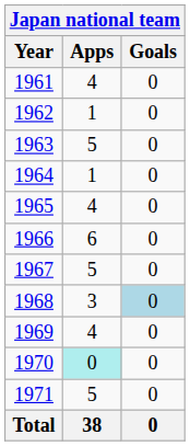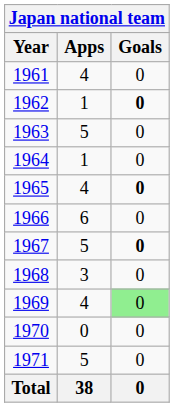 <table class="wikitable" style="text-align:center">
 <tr>
 <th colspan=3><a href='#'>Japan national team</a></th>
 </tr>
 <tr>
 <th>Year</th>
 <th>Apps</th>
 <th>Goals</th>
 </tr>
 <tr>
 <td><a href='#'>1961</a></td>
 <td>4</td>
 <td>0</td>
 </tr>
 <tr>
 <td><a href='#'>1962</a></td>
 <td>1</td>
-<td>0</td>
+<td><strong>0</strong></td>
 </tr>
 <tr>
 <td><a href='#'>1963</a></td>
 <td>5</td>
 <td>0</td>
 </tr>
 <tr>
 <td><a href='#'>1964</a></td>
 <td>1</td>
 <td>0</td>
 </tr>
 <tr>
 <td><a href='#'>1965</a></td>
 <td>4</td>
-<td>0</td>
+<td><strong>0</strong></td>
 </tr>
 <tr>
 <td><a href='#'>1966</a></td>
 <td>6</td>
 <td>0</td>
 </tr>
 <tr>
 <td><a href='#'>1967</a></td>
 <td>5</td>
-<td>0</td>
+<td><strong>0</strong></td>
 </tr>
 <tr>
 <td><a href='#'>1968</a></td>
 <td>3</td>
-<td style="background: lightblue;">0</td>
+<td>0</td>
 </tr>
 <tr>
 <td><a href='#'>1969</a></td>
 <td>4</td>
-<td>0</td>
+<td style="background: lightgreen;">0</td>
 </tr>
 <tr>
 <td><a href='#'>1970</a></td>
-<td style="background: paleturquoise;">0</td>
+<td>0</td>
 <td>0</td>
 </tr>
 <tr>
 <td><a href='#'>1971</a></td>
 <td>5</td>
 <td>0</td>
 </tr>
 <tr>
 <th>Total</th>
 <th>38</th>
 <th>0</th>
 </tr>
 </table>
